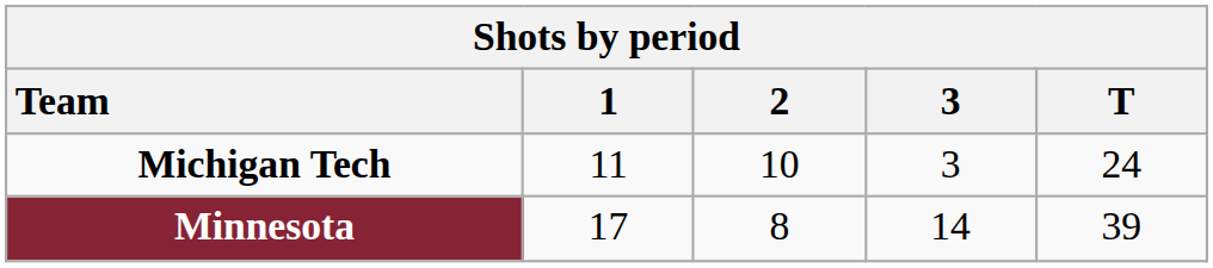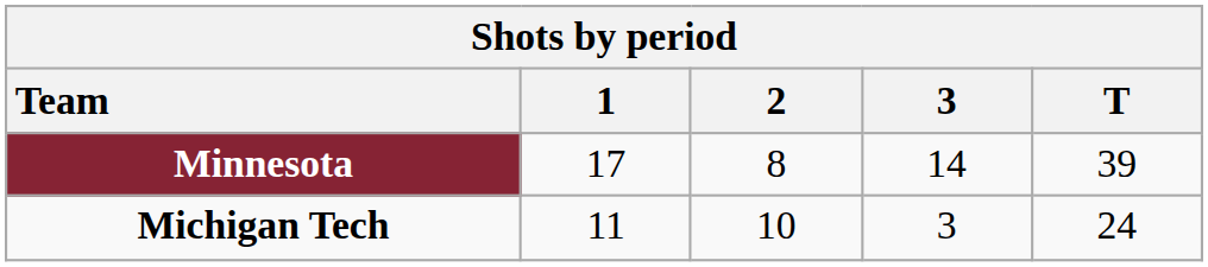 <table class="wikitable" style="width:30em; text-align:right;">
 <tr>
 <th colspan=5>Shots by period</th>
 </tr>
 <tr>
 <th style="width:10em; text-align:left;">Team</th>
 <th style="width:3em;">1</th>
 <th style="width:3em;">2</th>
 <th style="width:3em;">3</th>
 <th style="width:3em;">T</th>
 </tr>
 <tr>
+<td align=center style="color:white; background:#862334; "><strong>Minnesota</strong></td>
+<td align=center>17</td>
+<td align=center>8</td>
+<td align=center>14</td>
+<td align=center>39</td>
+</tr>
+<tr>
 <td align=center><strong>Michigan Tech</strong></td>
 <td align=center>11</td>
 <td align=center>10</td>
 <td align=center>3</td>
 <td align=center>24</td>
 </tr>
-<tr>
-<td align=center style="color:white; background:#862334; "><strong>Minnesota</strong></td>
-<td align=center>17</td>
-<td align=center>8</td>
-<td align=center>14</td>
-<td align=center>39</td>
-</tr>
 </table>
